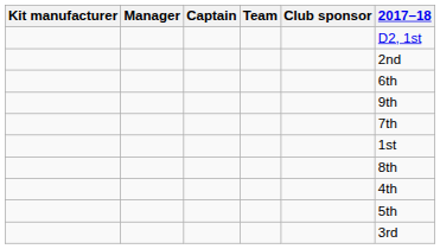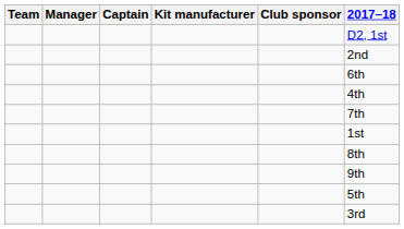 <table class="wikitable sortable" style="text-align: left;">
 <tr>
-<th>Kit manufacturer</th>
+<th>Team</th>
 <th>Manager</th>
 <th>Captain</th>
-<th>Team</th>
+<th>Kit manufacturer</th>
 <th>Club sponsor</th>
 <th><a href='#'>2017–18</a></th>
 </tr>
 <tr>
 <td></td>
 <td></td>
 <td></td>
 <td></td>
 <td></td>
 <td><a href='#'>D2, 1st</a> </td>
 </tr>
 <tr>
 <td></td>
 <td></td>
 <td></td>
 <td></td>
 <td><br></td>
 <td>2nd</td>
 </tr>
 <tr>
 <td></td>
 <td></td>
 <td></td>
 <td></td>
 <td></td>
 <td>6th</td>
 </tr>
 <tr>
 <td></td>
 <td></td>
 <td></td>
 <td></td>
 <td></td>
-<td>9th</td>
+<td>4th</td>
 </tr>
 <tr>
 <td></td>
 <td></td>
 <td></td>
 <td></td>
 <td></td>
 <td>7th</td>
 </tr>
 <tr>
 <td></td>
 <td></td>
 <td></td>
 <td></td>
 <td></td>
 <td>1st</td>
 </tr>
 <tr>
 <td></td>
 <td></td>
 <td></td>
 <td></td>
 <td></td>
 <td>8th</td>
 </tr>
 <tr>
 <td></td>
 <td></td>
 <td></td>
 <td></td>
 <td></td>
-<td>4th</td>
+<td>9th</td>
 </tr>
 <tr>
 <td></td>
 <td></td>
 <td></td>
 <td></td>
 <td></td>
 <td>5th</td>
 </tr>
 <tr>
 <td></td>
 <td></td>
 <td></td>
 <td></td>
 <td></td>
 <td>3rd</td>
 </tr>
 </table>
